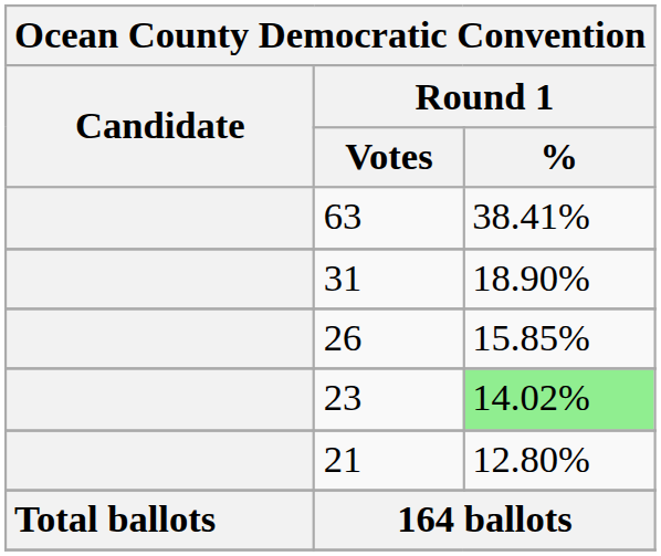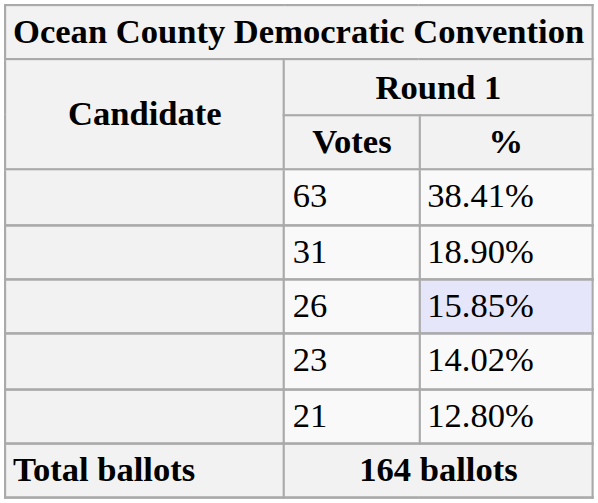 <table class="wikitable sortable">
 <tr>
 <th colspan=" 19 ">Ocean County Democratic Convention</th>
 </tr>
 <tr style="background:#eee; text-align:center;">
 <th rowspan=2 style="text-align:center;">Candidate</th>
 <th colspan=2 style="text-align:center;">Round 1</th>
 </tr>
 <tr>
 <th>Votes</th>
 <th>%</th>
 </tr>
 <tr>
 <th scope="row" style="text-align:left;"></th>
 <td>63</td>
 <td>38.41%</td>
 </tr>
 <tr>
 </tr>
 <tr>
 </tr>
 <tr>
 <th scope="row" style="text-align:left;"></th>
 <td>31</td>
 <td>18.90%</td>
 </tr>
 <tr>
 </tr>
 <tr>
 </tr>
 <tr>
 <th scope="row" style="text-align:left;"></th>
 <td>26</td>
-<td>15.85%</td>
+<td style="background: lavender;">15.85%</td>
 </tr>
 <tr>
 </tr>
 <tr>
 </tr>
 <tr>
 <th scope="row" style="text-align:left;"></th>
 <td>23</td>
-<td style="background: lightgreen;">14.02%</td>
+<td>14.02%</td>
 </tr>
 <tr>
 </tr>
 <tr>
 </tr>
 <tr>
 <th scope="row" style="text-align:left;"></th>
 <td>21</td>
 <td>12.80%</td>
 </tr>
 <tr>
 </tr>
 <tr>
 <th scope="row" style="text-align:left;">Total ballots</th>
 <th colspan="2">164 ballots</th>
 </tr>
 <tr>
 </tr>
 </table>
